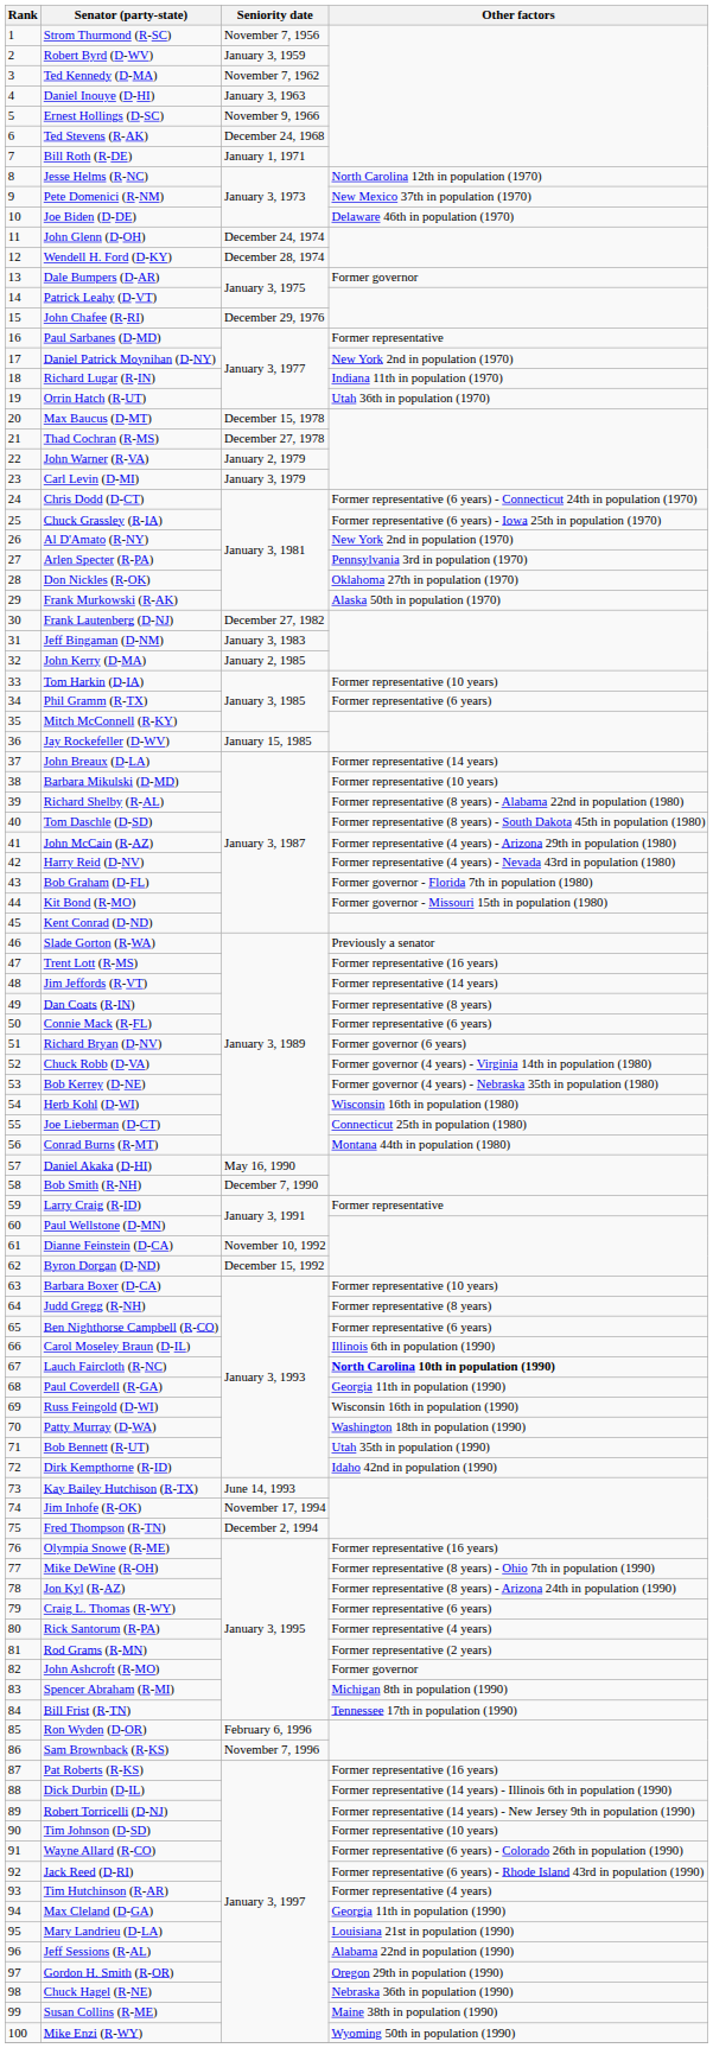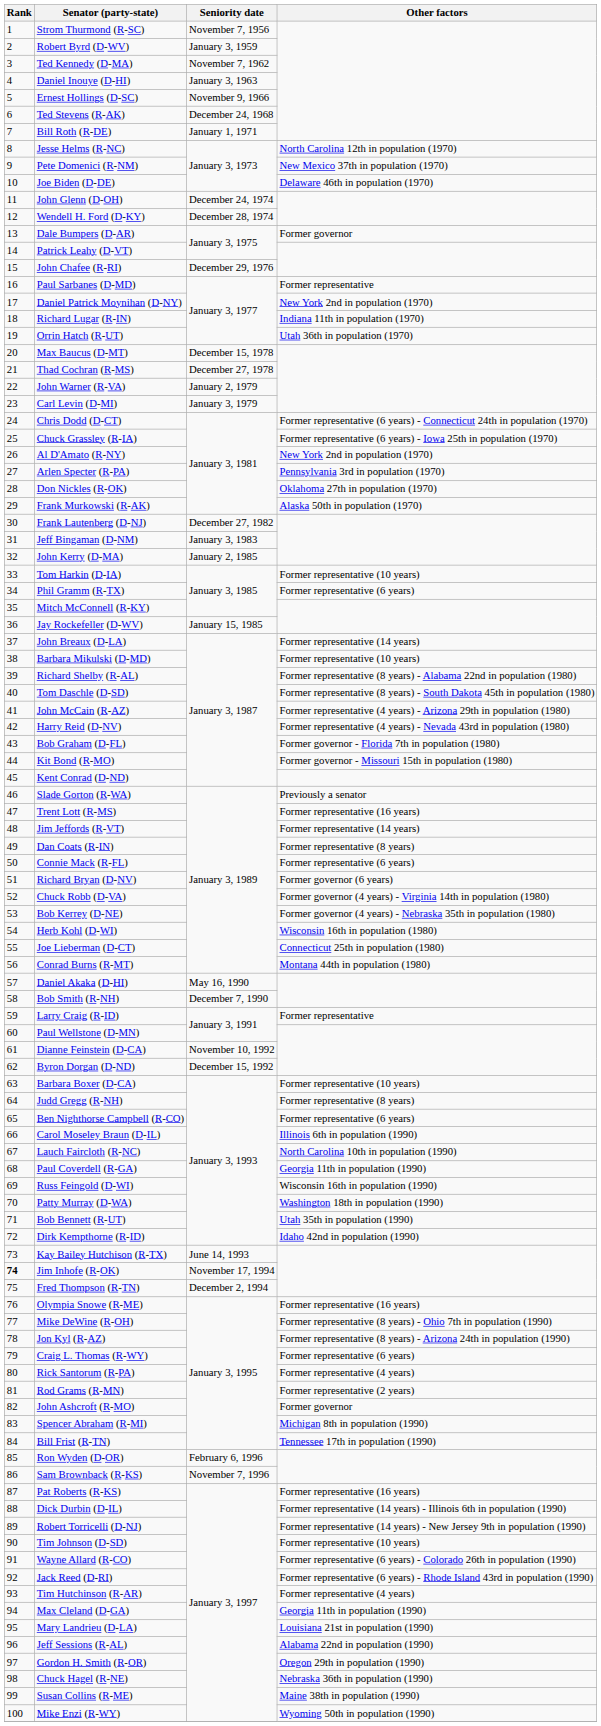 <table class=wikitable>
 <tr valign=bottom>
 <th>Rank</th>
 <th>Senator (party-state)</th>
 <th>Seniority date</th>
 <th>Other factors</th>
 </tr>
 <tr>
 <td>1</td>
 <td><a href='#'>Strom Thurmond</a> (<a href='#'>R</a>-<a href='#'>SC</a>)</td>
 <td>November 7, 1956</td>
 <td rowspan=7></td>
 </tr>
 <tr>
 <td>2</td>
 <td><a href='#'>Robert Byrd</a> (<a href='#'>D</a>-<a href='#'>WV</a>)</td>
 <td>January 3, 1959</td>
 </tr>
 <tr>
 <td>3</td>
 <td><a href='#'>Ted Kennedy</a> (<a href='#'>D</a>-<a href='#'>MA</a>)</td>
 <td>November 7, 1962</td>
 </tr>
 <tr>
 <td>4</td>
 <td><a href='#'>Daniel Inouye</a> (<a href='#'>D</a>-<a href='#'>HI</a>)</td>
 <td>January 3, 1963</td>
 </tr>
 <tr>
 <td>5</td>
 <td><a href='#'>Ernest Hollings</a> (<a href='#'>D</a>-<a href='#'>SC</a>)</td>
 <td>November 9, 1966</td>
 </tr>
 <tr>
 <td>6</td>
 <td><a href='#'>Ted Stevens</a> (<a href='#'>R</a>-<a href='#'>AK</a>)</td>
 <td>December 24, 1968</td>
 </tr>
 <tr>
 <td>7</td>
 <td><a href='#'>Bill Roth</a> (<a href='#'>R</a>-<a href='#'>DE</a>)</td>
 <td>January 1, 1971</td>
 </tr>
 <tr>
 <td>8</td>
 <td><a href='#'>Jesse Helms</a> (<a href='#'>R</a>-<a href='#'>NC</a>)</td>
 <td rowspan= 3>January 3, 1973</td>
 <td><a href='#'>North Carolina</a> 12th in population (1970)</td>
 </tr>
 <tr>
 <td>9</td>
 <td><a href='#'>Pete Domenici</a> (<a href='#'>R</a>-<a href='#'>NM</a>)</td>
 <td><a href='#'>New Mexico</a> 37th in population (1970)</td>
 </tr>
 <tr>
 <td>10</td>
 <td><a href='#'>Joe Biden</a> (<a href='#'>D</a>-<a href='#'>DE</a>)</td>
 <td><a href='#'>Delaware</a> 46th in population (1970)</td>
 </tr>
 <tr>
 <td>11</td>
 <td><a href='#'>John Glenn</a> (<a href='#'>D</a>-<a href='#'>OH</a>)</td>
 <td>December 24, 1974</td>
 <td rowspan=2></td>
 </tr>
 <tr>
 <td>12</td>
 <td><a href='#'>Wendell H. Ford</a> (<a href='#'>D</a>-<a href='#'>KY</a>)</td>
 <td>December 28, 1974</td>
 </tr>
 <tr>
 <td>13</td>
 <td><a href='#'>Dale Bumpers</a> (<a href='#'>D</a>-<a href='#'>AR</a>)</td>
 <td rowspan= 2>January 3, 1975</td>
 <td>Former governor</td>
 </tr>
 <tr>
 <td>14</td>
 <td><a href='#'>Patrick Leahy</a> (<a href='#'>D</a>-<a href='#'>VT</a>)</td>
 <td rowspan=2></td>
 </tr>
 <tr>
 <td>15</td>
 <td><a href='#'>John Chafee</a> (<a href='#'>R</a>-<a href='#'>RI</a>)</td>
 <td>December 29, 1976</td>
 </tr>
 <tr>
 <td>16</td>
 <td><a href='#'>Paul Sarbanes</a> (<a href='#'>D</a>-<a href='#'>MD</a>)</td>
 <td rowspan=4>January 3, 1977</td>
 <td>Former representative</td>
 </tr>
 <tr>
 <td>17</td>
 <td><a href='#'>Daniel Patrick Moynihan</a> (<a href='#'>D</a>-<a href='#'>NY</a>)</td>
 <td><a href='#'>New York</a> 2nd in population (1970)</td>
 </tr>
 <tr>
 <td>18</td>
 <td><a href='#'>Richard Lugar</a> (<a href='#'>R</a>-<a href='#'>IN</a>)</td>
 <td><a href='#'>Indiana</a> 11th in population (1970)</td>
 </tr>
 <tr>
 <td>19</td>
 <td><a href='#'>Orrin Hatch</a> (<a href='#'>R</a>-<a href='#'>UT</a>)</td>
 <td><a href='#'>Utah</a> 36th in population (1970)</td>
 </tr>
 <tr>
 <td>20</td>
 <td><a href='#'>Max Baucus</a> (<a href='#'>D</a>-<a href='#'>MT</a>)</td>
 <td>December 15, 1978</td>
 <td rowspan=4></td>
 </tr>
 <tr>
 <td>21</td>
 <td><a href='#'>Thad Cochran</a> (<a href='#'>R</a>-<a href='#'>MS</a>)</td>
 <td>December 27, 1978</td>
 </tr>
 <tr>
 <td>22</td>
 <td><a href='#'>John Warner</a> (<a href='#'>R</a>-<a href='#'>VA</a>)</td>
 <td>January 2, 1979</td>
 </tr>
 <tr>
 <td>23</td>
 <td><a href='#'>Carl Levin</a> (<a href='#'>D</a>-<a href='#'>MI</a>)</td>
 <td>January 3, 1979</td>
 </tr>
 <tr>
 <td>24</td>
 <td><a href='#'>Chris Dodd</a> (<a href='#'>D</a>-<a href='#'>CT</a>)</td>
 <td rowspan=6>January 3, 1981</td>
 <td>Former representative (6 years) - <a href='#'>Connecticut</a> 24th in population (1970)</td>
 </tr>
 <tr>
 <td>25</td>
 <td><a href='#'>Chuck Grassley</a> (<a href='#'>R</a>-<a href='#'>IA</a>)</td>
 <td>Former representative (6 years) - <a href='#'>Iowa</a> 25th in population (1970)</td>
 </tr>
 <tr>
 <td>26</td>
 <td><a href='#'>Al D'Amato</a> (<a href='#'>R</a>-<a href='#'>NY</a>)</td>
 <td><a href='#'>New York</a> 2nd in population (1970)</td>
 </tr>
 <tr>
 <td>27</td>
 <td><a href='#'>Arlen Specter</a> (<a href='#'>R</a>-<a href='#'>PA</a>)</td>
 <td><a href='#'>Pennsylvania</a> 3rd in population (1970)</td>
 </tr>
 <tr>
 <td>28</td>
 <td><a href='#'>Don Nickles</a> (<a href='#'>R</a>-<a href='#'>OK</a>)</td>
 <td><a href='#'>Oklahoma</a> 27th in population (1970)</td>
 </tr>
 <tr>
 <td>29</td>
 <td><a href='#'>Frank Murkowski</a> (<a href='#'>R</a>-<a href='#'>AK</a>)</td>
 <td><a href='#'>Alaska</a> 50th in population (1970)</td>
 </tr>
 <tr>
 <td>30</td>
 <td><a href='#'>Frank Lautenberg</a> (<a href='#'>D</a>-<a href='#'>NJ</a>)</td>
 <td>December 27, 1982</td>
 <td rowspan=3></td>
 </tr>
 <tr>
 <td>31</td>
 <td><a href='#'>Jeff Bingaman</a> (<a href='#'>D</a>-<a href='#'>NM</a>)</td>
 <td>January 3, 1983</td>
 </tr>
 <tr>
 <td>32</td>
 <td><a href='#'>John Kerry</a> (<a href='#'>D</a>-<a href='#'>MA</a>)</td>
 <td>January 2, 1985</td>
 </tr>
 <tr>
 <td>33</td>
 <td><a href='#'>Tom Harkin</a> (<a href='#'>D</a>-<a href='#'>IA</a>)</td>
 <td rowspan=3>January 3, 1985</td>
 <td>Former representative (10 years)</td>
 </tr>
 <tr>
 <td>34</td>
 <td><a href='#'>Phil Gramm</a> (<a href='#'>R</a>-<a href='#'>TX</a>)</td>
 <td>Former representative (6 years)</td>
 </tr>
 <tr>
 <td>35</td>
 <td><a href='#'>Mitch McConnell</a> (<a href='#'>R</a>-<a href='#'>KY</a>)</td>
 <td rowspan=2></td>
 </tr>
 <tr>
 <td>36</td>
 <td><a href='#'>Jay Rockefeller</a> (<a href='#'>D</a>-<a href='#'>WV</a>)</td>
 <td>January 15, 1985</td>
 </tr>
 <tr>
 <td>37</td>
 <td><a href='#'>John Breaux</a> (<a href='#'>D</a>-<a href='#'>LA</a>)</td>
 <td rowspan=9>January 3, 1987</td>
 <td>Former representative (14 years)</td>
 </tr>
 <tr>
 <td>38</td>
 <td><a href='#'>Barbara Mikulski</a> (<a href='#'>D</a>-<a href='#'>MD</a>)</td>
 <td>Former representative (10 years)</td>
 </tr>
 <tr>
 <td>39</td>
 <td><a href='#'>Richard Shelby</a> (<a href='#'>R</a>-<a href='#'>AL</a>)</td>
 <td>Former representative (8 years) - <a href='#'>Alabama</a> 22nd in population (1980)</td>
 </tr>
 <tr>
 <td>40</td>
 <td><a href='#'>Tom Daschle</a> (<a href='#'>D</a>-<a href='#'>SD</a>)</td>
 <td>Former representative (8 years) - <a href='#'>South Dakota</a> 45th in population (1980)</td>
 </tr>
 <tr>
 <td>41</td>
 <td><a href='#'>John McCain</a> (<a href='#'>R</a>-<a href='#'>AZ</a>)</td>
 <td>Former representative (4 years) - <a href='#'>Arizona</a> 29th in population (1980)</td>
 </tr>
 <tr>
 <td>42</td>
 <td><a href='#'>Harry Reid</a> (<a href='#'>D</a>-<a href='#'>NV</a>)</td>
 <td>Former representative (4 years) - <a href='#'>Nevada</a> 43rd in population (1980)</td>
 </tr>
 <tr>
 <td>43</td>
 <td><a href='#'>Bob Graham</a> (<a href='#'>D</a>-<a href='#'>FL</a>)</td>
 <td>Former governor - <a href='#'>Florida</a> 7th in population (1980)</td>
 </tr>
 <tr>
 <td>44</td>
 <td><a href='#'>Kit Bond</a> (<a href='#'>R</a>-<a href='#'>MO</a>)</td>
 <td>Former governor - <a href='#'>Missouri</a> 15th in population (1980)</td>
 </tr>
 <tr>
 <td>45</td>
 <td><a href='#'>Kent Conrad</a> (<a href='#'>D</a>-<a href='#'>ND</a>)</td>
 <td></td>
 </tr>
 <tr>
 <td>46</td>
 <td><a href='#'>Slade Gorton</a> (<a href='#'>R</a>-<a href='#'>WA</a>)</td>
 <td rowspan=11>January 3, 1989</td>
 <td>Previously a senator</td>
 </tr>
 <tr>
 <td>47</td>
 <td><a href='#'>Trent Lott</a> (<a href='#'>R</a>-<a href='#'>MS</a>)</td>
 <td>Former representative (16 years)</td>
 </tr>
 <tr>
 <td>48</td>
 <td><a href='#'>Jim Jeffords</a> (<a href='#'>R</a>-<a href='#'>VT</a>)</td>
 <td>Former representative (14 years)</td>
 </tr>
 <tr>
 <td>49</td>
 <td><a href='#'>Dan Coats</a> (<a href='#'>R</a>-<a href='#'>IN</a>)</td>
 <td>Former representative (8 years)</td>
 </tr>
 <tr>
 <td>50</td>
 <td><a href='#'>Connie Mack</a> (<a href='#'>R</a>-<a href='#'>FL</a>)</td>
 <td>Former representative (6 years)</td>
 </tr>
 <tr>
 <td>51</td>
 <td><a href='#'>Richard Bryan</a> (<a href='#'>D</a>-<a href='#'>NV</a>)</td>
 <td>Former governor (6 years)</td>
 </tr>
 <tr>
 <td>52</td>
 <td><a href='#'>Chuck Robb</a> (<a href='#'>D</a>-<a href='#'>VA</a>)</td>
 <td>Former governor (4 years) - <a href='#'>Virginia</a> 14th in population (1980)</td>
 </tr>
 <tr>
 <td>53</td>
 <td><a href='#'>Bob Kerrey</a> (<a href='#'>D</a>-<a href='#'>NE</a>)</td>
 <td>Former governor (4 years) - <a href='#'>Nebraska</a> 35th in population (1980)</td>
 </tr>
 <tr>
 <td>54</td>
 <td><a href='#'>Herb Kohl</a> (<a href='#'>D</a>-<a href='#'>WI</a>)</td>
 <td><a href='#'>Wisconsin</a> 16th in population (1980)</td>
 </tr>
 <tr>
 <td>55</td>
 <td><a href='#'>Joe Lieberman</a> (<a href='#'>D</a>-<a href='#'>CT</a>)</td>
 <td><a href='#'>Connecticut</a> 25th in population (1980)</td>
 </tr>
 <tr>
 <td>56</td>
 <td><a href='#'>Conrad Burns</a> (<a href='#'>R</a>-<a href='#'>MT</a>)</td>
 <td><a href='#'>Montana</a> 44th in population (1980)</td>
 </tr>
 <tr>
 <td>57</td>
 <td><a href='#'>Daniel Akaka</a> (<a href='#'>D</a>-<a href='#'>HI</a>)</td>
 <td>May 16, 1990</td>
 <td rowspan=2></td>
 </tr>
 <tr>
 <td>58</td>
 <td><a href='#'>Bob Smith</a> (<a href='#'>R</a>-<a href='#'>NH</a>)</td>
 <td>December 7, 1990</td>
 </tr>
 <tr>
 <td>59</td>
 <td><a href='#'>Larry Craig</a> (<a href='#'>R</a>-<a href='#'>ID</a>)</td>
 <td rowspan=2>January 3, 1991</td>
 <td>Former representative</td>
 </tr>
 <tr>
 <td>60</td>
 <td><a href='#'>Paul Wellstone</a> (<a href='#'>D</a>-<a href='#'>MN</a>)</td>
 <td rowspan=3></td>
 </tr>
 <tr>
 <td>61</td>
 <td><a href='#'>Dianne Feinstein</a> (<a href='#'>D</a>-<a href='#'>CA</a>)</td>
 <td>November 10, 1992</td>
 </tr>
 <tr>
 <td>62</td>
 <td><a href='#'>Byron Dorgan</a> (<a href='#'>D</a>-<a href='#'>ND</a>)</td>
 <td>December 15, 1992</td>
 </tr>
 <tr>
 <td>63</td>
 <td><a href='#'>Barbara Boxer</a> (<a href='#'>D</a>-<a href='#'>CA</a>)</td>
 <td rowspan=10>January 3, 1993</td>
 <td>Former representative (10 years)</td>
 </tr>
 <tr>
 <td>64</td>
 <td><a href='#'>Judd Gregg</a> (<a href='#'>R</a>-<a href='#'>NH</a>)</td>
 <td>Former representative (8 years)</td>
 </tr>
 <tr>
 <td>65</td>
 <td><a href='#'>Ben Nighthorse Campbell</a> (<a href='#'>R</a>-<a href='#'>CO</a>)</td>
 <td>Former representative (6 years)</td>
 </tr>
 <tr>
 <td>66</td>
 <td><a href='#'>Carol Moseley Braun</a> (<a href='#'>D</a>-<a href='#'>IL</a>)</td>
 <td><a href='#'>Illinois</a> 6th in population (1990)</td>
 </tr>
 <tr>
 <td>67</td>
 <td><a href='#'>Lauch Faircloth</a> (<a href='#'>R</a>-<a href='#'>NC</a>)</td>
-<td><strong><a href='#'>North Carolina</a> 10th in population (1990)</strong></td>
+<td><a href='#'>North Carolina</a> 10th in population (1990)</td>
 </tr>
 <tr>
 <td>68</td>
 <td><a href='#'>Paul Coverdell</a> (<a href='#'>R</a>-<a href='#'>GA</a>)</td>
 <td><a href='#'>Georgia</a> 11th in population (1990)</td>
 </tr>
 <tr>
 <td>69</td>
 <td><a href='#'>Russ Feingold</a> (<a href='#'>D</a>-<a href='#'>WI</a>)</td>
 <td>Wisconsin 16th in population (1990)</td>
 </tr>
 <tr>
 <td>70</td>
 <td><a href='#'>Patty Murray</a> (<a href='#'>D</a>-<a href='#'>WA</a>)</td>
 <td><a href='#'>Washington</a> 18th in population (1990)</td>
 </tr>
 <tr>
 <td>71</td>
 <td><a href='#'>Bob Bennett</a> (<a href='#'>R</a>-<a href='#'>UT</a>)</td>
 <td><a href='#'>Utah</a> 35th in population (1990)</td>
 </tr>
 <tr>
 <td>72</td>
 <td><a href='#'>Dirk Kempthorne</a> (<a href='#'>R</a>-<a href='#'>ID</a>)</td>
 <td><a href='#'>Idaho</a> 42nd in population (1990)</td>
 </tr>
 <tr>
 <td>73</td>
 <td><a href='#'>Kay Bailey Hutchison</a> (<a href='#'>R</a>-<a href='#'>TX</a>)</td>
 <td>June 14, 1993</td>
 <td rowspan=3></td>
 </tr>
 <tr>
-<td>74</td>
+<td><strong>74</strong></td>
 <td><a href='#'>Jim Inhofe</a> (<a href='#'>R</a>-<a href='#'>OK</a>)</td>
 <td>November 17, 1994</td>
 </tr>
 <tr>
 <td>75</td>
 <td><a href='#'>Fred Thompson</a> (<a href='#'>R</a>-<a href='#'>TN</a>)</td>
 <td>December 2, 1994</td>
 </tr>
 <tr>
 <td>76</td>
 <td><a href='#'>Olympia Snowe</a> (<a href='#'>R</a>-<a href='#'>ME</a>)</td>
 <td rowspan=9>January 3, 1995</td>
 <td>Former representative (16 years)</td>
 </tr>
 <tr>
 <td>77</td>
 <td><a href='#'>Mike DeWine</a> (<a href='#'>R</a>-<a href='#'>OH</a>)</td>
 <td>Former representative (8 years) - <a href='#'>Ohio</a> 7th in population (1990)</td>
 </tr>
 <tr>
 <td>78</td>
 <td><a href='#'>Jon Kyl</a> (<a href='#'>R</a>-<a href='#'>AZ</a>)</td>
 <td>Former representative (8 years) - <a href='#'>Arizona</a> 24th in population (1990)</td>
 </tr>
 <tr>
 <td>79</td>
 <td><a href='#'>Craig L. Thomas</a> (<a href='#'>R</a>-<a href='#'>WY</a>)</td>
 <td>Former representative (6 years)</td>
 </tr>
 <tr>
 <td>80</td>
 <td><a href='#'>Rick Santorum</a> (<a href='#'>R</a>-<a href='#'>PA</a>)</td>
 <td>Former representative (4 years)</td>
 </tr>
 <tr>
 <td>81</td>
 <td><a href='#'>Rod Grams</a> (<a href='#'>R</a>-<a href='#'>MN</a>)</td>
 <td>Former representative (2 years)</td>
 </tr>
 <tr>
 <td>82</td>
 <td><a href='#'>John Ashcroft</a> (<a href='#'>R</a>-<a href='#'>MO</a>)</td>
 <td>Former governor</td>
 </tr>
 <tr>
 <td>83</td>
 <td><a href='#'>Spencer Abraham</a> (<a href='#'>R</a>-<a href='#'>MI</a>)</td>
 <td><a href='#'>Michigan</a> 8th in population (1990)</td>
 </tr>
 <tr>
 <td>84</td>
 <td><a href='#'>Bill Frist</a> (<a href='#'>R</a>-<a href='#'>TN</a>)</td>
 <td><a href='#'>Tennessee</a> 17th in population (1990)</td>
 </tr>
 <tr>
 <td>85</td>
 <td><a href='#'>Ron Wyden</a> (<a href='#'>D</a>-<a href='#'>OR</a>)</td>
 <td>February 6, 1996</td>
 <td rowspan=2></td>
 </tr>
 <tr>
 <td>86</td>
 <td><a href='#'>Sam Brownback</a> (<a href='#'>R</a>-<a href='#'>KS</a>)</td>
 <td>November 7, 1996</td>
 </tr>
 <tr>
 <td>87</td>
 <td><a href='#'>Pat Roberts</a> (<a href='#'>R</a>-<a href='#'>KS</a>)</td>
 <td rowspan=14>January 3, 1997</td>
 <td>Former representative (16 years)</td>
 </tr>
 <tr>
 <td>88</td>
 <td><a href='#'>Dick Durbin</a> (<a href='#'>D</a>-<a href='#'>IL</a>)</td>
 <td>Former representative (14 years) - Illinois 6th in population (1990)</td>
 </tr>
 <tr>
 <td>89</td>
 <td><a href='#'>Robert Torricelli</a> (<a href='#'>D</a>-<a href='#'>NJ</a>)</td>
 <td>Former representative (14 years) - New Jersey 9th in population (1990)</td>
 </tr>
 <tr>
 <td>90</td>
 <td><a href='#'>Tim Johnson</a> (<a href='#'>D</a>-<a href='#'>SD</a>)</td>
 <td>Former representative (10 years)</td>
 </tr>
 <tr>
 <td>91</td>
 <td><a href='#'>Wayne Allard</a> (<a href='#'>R</a>-<a href='#'>CO</a>)</td>
 <td>Former representative (6 years) - <a href='#'>Colorado</a> 26th in population (1990)</td>
 </tr>
 <tr>
 <td>92</td>
 <td><a href='#'>Jack Reed</a> (<a href='#'>D</a>-<a href='#'>RI</a>)</td>
 <td>Former representative (6 years) - <a href='#'>Rhode Island</a> 43rd in population (1990)</td>
 </tr>
 <tr>
 <td>93</td>
 <td><a href='#'>Tim Hutchinson</a> (<a href='#'>R</a>-<a href='#'>AR</a>)</td>
 <td>Former representative (4 years)</td>
 </tr>
 <tr>
 <td>94</td>
 <td><a href='#'>Max Cleland</a> (<a href='#'>D</a>-<a href='#'>GA</a>)</td>
 <td><a href='#'>Georgia</a> 11th in population (1990)</td>
 </tr>
 <tr>
 <td>95</td>
 <td><a href='#'>Mary Landrieu</a> (<a href='#'>D</a>-<a href='#'>LA</a>)</td>
 <td><a href='#'>Louisiana</a> 21st in population (1990)</td>
 </tr>
 <tr>
 <td>96</td>
 <td><a href='#'>Jeff Sessions</a> (<a href='#'>R</a>-<a href='#'>AL</a>)</td>
 <td><a href='#'>Alabama</a> 22nd in population (1990)</td>
 </tr>
 <tr>
 <td>97</td>
 <td><a href='#'>Gordon H. Smith</a> (<a href='#'>R</a>-<a href='#'>OR</a>)</td>
 <td><a href='#'>Oregon</a> 29th in population (1990)</td>
 </tr>
 <tr>
 <td>98</td>
 <td><a href='#'>Chuck Hagel</a> (<a href='#'>R</a>-<a href='#'>NE</a>)</td>
 <td><a href='#'>Nebraska</a> 36th in population (1990)</td>
 </tr>
 <tr>
 <td>99</td>
 <td><a href='#'>Susan Collins</a> (<a href='#'>R</a>-<a href='#'>ME</a>)</td>
 <td><a href='#'>Maine</a> 38th in population (1990)</td>
 </tr>
 <tr>
 <td>100</td>
 <td><a href='#'>Mike Enzi</a> (<a href='#'>R</a>-<a href='#'>WY</a>)</td>
 <td><a href='#'>Wyoming</a> 50th in population (1990)</td>
 </tr>
 <tr>
 </tr>
 </table>
